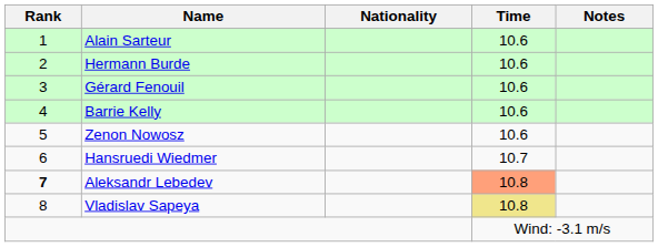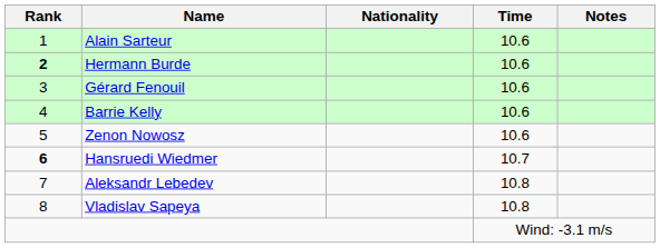 <table class="wikitable sortable" style="text-align:center;width: 55%">
 <tr>
 <th>Rank</th>
 <th>Name</th>
 <th>Nationality</th>
 <th>Time</th>
 <th>Notes</th>
 </tr>
 <tr bgcolor=ccffcc>
 <td>1</td>
 <td align=left><a href='#'>Alain Sarteur</a></td>
 <td align=left></td>
 <td>10.6</td>
 <td></td>
 </tr>
 <tr bgcolor=ccffcc>
-<td>2</td>
+<td><strong>2</strong></td>
 <td align=left><a href='#'>Hermann Burde</a></td>
 <td align=left></td>
 <td>10.6</td>
 <td></td>
 </tr>
 <tr bgcolor=ccffcc>
 <td>3</td>
 <td align=left><a href='#'>Gérard Fenouil</a></td>
 <td align=left></td>
 <td>10.6</td>
 <td></td>
 </tr>
 <tr bgcolor=ccffcc>
 <td>4</td>
 <td align=left><a href='#'>Barrie Kelly</a></td>
 <td align=left></td>
 <td>10.6</td>
 <td></td>
 </tr>
 <tr>
 <td>5</td>
 <td align=left><a href='#'>Zenon Nowosz</a></td>
 <td align=left></td>
 <td>10.6</td>
 <td></td>
 </tr>
 <tr>
-<td>6</td>
+<td><strong>6</strong></td>
 <td align=left><a href='#'>Hansruedi Wiedmer</a></td>
 <td align=left></td>
 <td>10.7</td>
 <td></td>
 </tr>
 <tr>
-<td><strong>7</strong></td>
+<td>7</td>
 <td align=left><a href='#'>Aleksandr Lebedev</a></td>
 <td align=left></td>
-<td style="background: lightsalmon;">10.8</td>
+<td>10.8</td>
 <td></td>
 </tr>
 <tr>
 <td>8</td>
 <td align=left><a href='#'>Vladislav Sapeya</a></td>
 <td align=left></td>
-<td style="background: khaki;">10.8</td>
+<td>10.8</td>
 <td></td>
 </tr>
 <tr>
 <td colspan="3"></td>
 <td colspan="2">Wind: -3.1 m/s</td>
 </tr>
 </table>
